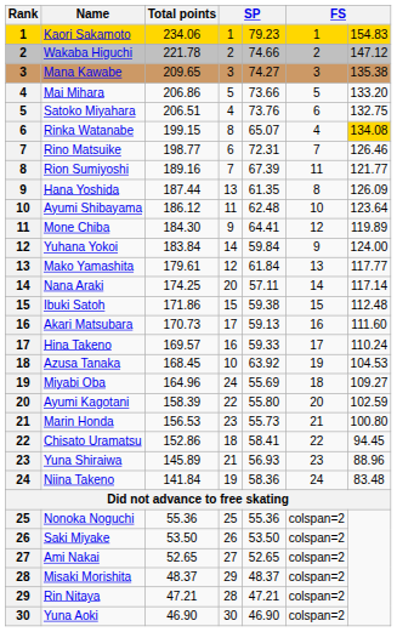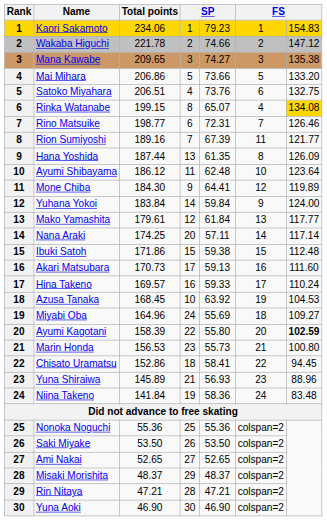 <table class="wikitable sortable">
 <tr>
 <th>Rank</th>
 <th>Name</th>
 <th>Total points</th>
 <th colspan="2" width="80px"><a href='#'>SP</a></th>
 <th colspan="2" width="80px"><a href='#'>FS</a></th>
 </tr>
 <tr bgcolor="gold">
 <td align="center"><strong>1</strong></td>
 <td><a href='#'>Kaori Sakamoto</a></td>
 <td align="center">234.06</td>
 <td align="center">1</td>
 <td align="center">79.23</td>
 <td align="center">1</td>
 <td align="center">154.83</td>
 </tr>
 <tr bgcolor="silver">
 <td align="center"><strong>2</strong></td>
 <td><a href='#'>Wakaba Higuchi</a></td>
 <td align="center">221.78</td>
 <td align="center">2</td>
 <td align="center">74.66</td>
 <td align="center">2</td>
 <td align="center">147.12</td>
 </tr>
 <tr bgcolor="cc9966">
 <td align="center"><strong>3</strong></td>
 <td><a href='#'>Mana Kawabe</a></td>
 <td align="center">209.65</td>
 <td align="center">3</td>
 <td align="center">74.27</td>
 <td align="center">3</td>
 <td align="center">135.38</td>
 </tr>
 <tr>
 <th>4</th>
 <td><a href='#'>Mai Mihara</a></td>
 <td align="center">206.86</td>
 <td align="center">5</td>
 <td align="center">73.66</td>
 <td align="center">5</td>
 <td align="center">133.20</td>
 </tr>
 <tr>
 <th>5</th>
 <td><a href='#'>Satoko Miyahara</a></td>
 <td align="center">206.51</td>
 <td align="center">4</td>
 <td align="center">73.76</td>
 <td align="center">6</td>
 <td align="center">132.75</td>
 </tr>
 <tr>
 <th>6</th>
 <td><a href='#'>Rinka Watanabe</a></td>
 <td align="center">199.15</td>
 <td align="center">8</td>
 <td align="center">65.07</td>
 <td align="center">4</td>
 <td align="center" style="background: gold;">134.08</td>
 </tr>
 <tr>
 <th>7</th>
 <td><a href='#'>Rino Matsuike</a></td>
 <td align="center">198.77</td>
 <td align="center">6</td>
 <td align="center">72.31</td>
 <td align="center">7</td>
 <td align="center">126.46</td>
 </tr>
 <tr>
 <th>8</th>
 <td><a href='#'>Rion Sumiyoshi</a></td>
 <td align="center">189.16</td>
 <td align="center">7</td>
 <td align="center">67.39</td>
 <td align="center">11</td>
 <td align="center">121.77</td>
 </tr>
 <tr>
 <th>9</th>
 <td><a href='#'>Hana Yoshida</a></td>
 <td align="center">187.44</td>
 <td align="center">13</td>
 <td align="center">61.35</td>
 <td align="center">8</td>
 <td align="center">126.09</td>
 </tr>
 <tr>
 <th>10</th>
 <td><a href='#'>Ayumi Shibayama</a></td>
 <td align="center">186.12</td>
 <td align="center">11</td>
 <td align="center">62.48</td>
 <td align="center">10</td>
 <td align="center">123.64</td>
 </tr>
 <tr>
 <th>11</th>
 <td><a href='#'>Mone Chiba</a></td>
 <td align="center">184.30</td>
 <td align="center">9</td>
 <td align="center">64.41</td>
 <td align="center">12</td>
 <td align="center">119.89</td>
 </tr>
 <tr>
 <th>12</th>
 <td><a href='#'>Yuhana Yokoi</a></td>
 <td align="center">183.84</td>
 <td align="center">14</td>
 <td align="center">59.84</td>
 <td align="center">9</td>
 <td align="center">124.00</td>
 </tr>
 <tr>
 <th>13</th>
 <td><a href='#'>Mako Yamashita</a></td>
 <td align="center">179.61</td>
 <td align="center">12</td>
 <td align="center">61.84</td>
 <td align="center">13</td>
 <td align="center">117.77</td>
 </tr>
 <tr>
 <th>14</th>
 <td><a href='#'>Nana Araki</a></td>
 <td align="center">174.25</td>
 <td align="center">20</td>
 <td align="center">57.11</td>
 <td align="center">14</td>
 <td align="center">117.14</td>
 </tr>
 <tr>
 <th>15</th>
 <td><a href='#'>Ibuki Satoh</a></td>
 <td align="center">171.86</td>
 <td align="center">15</td>
 <td align="center">59.38</td>
 <td align="center">15</td>
 <td align="center">112.48</td>
 </tr>
 <tr>
 <th>16</th>
 <td><a href='#'>Akari Matsubara</a></td>
 <td align="center">170.73</td>
 <td align="center">17</td>
 <td align="center">59.13</td>
 <td align="center">16</td>
 <td align="center">111.60</td>
 </tr>
 <tr>
 <th>17</th>
 <td><a href='#'>Hina Takeno</a></td>
 <td align="center">169.57</td>
 <td align="center">16</td>
 <td align="center">59.33</td>
 <td align="center">17</td>
 <td align="center">110.24</td>
 </tr>
 <tr>
 <th>18</th>
 <td><a href='#'>Azusa Tanaka</a></td>
 <td align="center">168.45</td>
 <td align="center">10</td>
 <td align="center">63.92</td>
 <td align="center">19</td>
 <td align="center">104.53</td>
 </tr>
 <tr>
 <th>19</th>
 <td><a href='#'>Miyabi Oba</a></td>
 <td align="center">164.96</td>
 <td align="center">24</td>
 <td align="center">55.69</td>
 <td align="center">18</td>
 <td align="center">109.27</td>
 </tr>
 <tr>
 <th>20</th>
 <td><a href='#'>Ayumi Kagotani</a></td>
 <td align="center">158.39</td>
 <td align="center">22</td>
 <td align="center">55.80</td>
 <td align="center">20</td>
-<td align="center">102.59</td>
+<td align="center"><strong>102.59</strong></td>
 </tr>
 <tr>
 <th>21</th>
 <td><a href='#'>Marin Honda</a></td>
 <td align="center">156.53</td>
 <td align="center">23</td>
 <td align="center">55.73</td>
 <td align="center">21</td>
 <td align="center">100.80</td>
 </tr>
 <tr>
 <th>22</th>
 <td><a href='#'>Chisato Uramatsu</a></td>
 <td align="center">152.86</td>
 <td align="center">18</td>
 <td align="center">58.41</td>
 <td align="center">22</td>
 <td align="center">94.45</td>
 </tr>
 <tr>
 <th>23</th>
 <td><a href='#'>Yuna Shiraiwa</a></td>
 <td align="center">145.89</td>
 <td align="center">21</td>
 <td align="center">56.93</td>
 <td align="center">23</td>
 <td align="center">88.96</td>
 </tr>
 <tr>
 <th>24</th>
 <td><a href='#'>Niina Takeno</a></td>
 <td align="center">141.84</td>
 <td align="center">19</td>
 <td align="center">58.36</td>
 <td align="center">24</td>
 <td align="center">83.48</td>
 </tr>
 <tr>
 <th colspan="7">Did not advance to free skating</th>
 </tr>
 <tr>
 <th>25</th>
 <td><a href='#'>Nonoka Noguchi</a></td>
 <td align="center">55.36</td>
 <td align="center">25</td>
 <td align="center">55.36</td>
 <td>colspan=2 </td>
 </tr>
 <tr>
 <th>26</th>
 <td><a href='#'>Saki Miyake</a></td>
 <td align="center">53.50</td>
 <td align="center">26</td>
 <td align="center">53.50</td>
 <td>colspan=2 </td>
 </tr>
 <tr>
 <th>27</th>
 <td><a href='#'>Ami Nakai</a></td>
 <td align="center">52.65</td>
 <td align="center">27</td>
 <td align="center">52.65</td>
 <td>colspan=2 </td>
 </tr>
 <tr>
 <th>28</th>
 <td><a href='#'>Misaki Morishita</a></td>
 <td align="center">48.37</td>
 <td align="center">29</td>
 <td align="center">48.37</td>
 <td>colspan=2 </td>
 </tr>
 <tr>
 <th>29</th>
 <td><a href='#'>Rin Nitaya</a></td>
 <td align="center">47.21</td>
 <td align="center">28</td>
 <td align="center">47.21</td>
 <td>colspan=2 </td>
 </tr>
 <tr>
 <th>30</th>
 <td><a href='#'>Yuna Aoki</a></td>
 <td align="center">46.90</td>
 <td align="center">30</td>
 <td align="center">46.90</td>
 <td>colspan=2 </td>
 </tr>
 </table>
